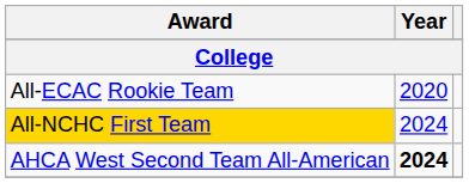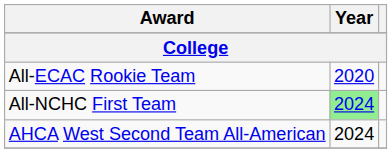 <table class="wikitable">
 <tr>
 <th>Award</th>
 <th>Year</th>
 <th></th>
 </tr>
 <tr ALIGN="center" bgcolor="#e0e0e0">
 </tr>
 <tr ALIGN="center" bgcolor="#e0e0e0">
 <th colspan="3"><a href='#'>College</a></th>
 </tr>
 <tr>
 <td>All-<a href='#'>ECAC</a> <a href='#'>Rookie Team</a></td>
 <td><a href='#'>2020</a></td>
 <td></td>
 </tr>
 <tr>
-<td style="background: gold;">All-NCHC <a href='#'>First Team</a></td>
-<td><a href='#'>2024</a></td>
+<td>All-NCHC <a href='#'>First Team</a></td>
+<td style="background: lightgreen;"><a href='#'>2024</a></td>
 <td></td>
 </tr>
 <tr>
 <td><a href='#'>AHCA</a> <a href='#'>West Second Team All-American</a></td>
-<td><strong>2024</strong></td>
+<td>2024</td>
 <td></td>
 </tr>
 <tr>
 </tr>
 </table>
